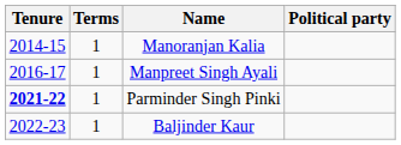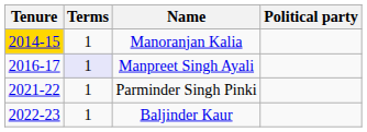 <table class="wikitable sortable">
 <tr>
 <th>Tenure</th>
 <th>Terms</th>
 <th>Name</th>
 <th colspan="2">Political party</th>
 </tr>
 <tr align="center">
-<td><a href='#'>2014-15</a></td>
+<td style="background: gold;"><a href='#'>2014-15</a></td>
 <td>1</td>
 <td><a href='#'>Manoranjan Kalia</a></td>
 <td></td>
 </tr>
 <tr align="center">
 <td><a href='#'>2016-17</a></td>
-<td>1</td>
+<td style="background: lavender;">1</td>
 <td><a href='#'>Manpreet Singh Ayali</a></td>
 <td></td>
 </tr>
 <tr align="center">
-<td><strong><a href='#'>2021-22</a></strong></td>
+<td><a href='#'>2021-22</a></td>
 <td>1</td>
 <td>Parminder Singh Pinki</td>
 <td></td>
 </tr>
 <tr align="center">
 <td><a href='#'>2022-23</a></td>
 <td>1</td>
 <td><a href='#'>Baljinder Kaur</a></td>
 <td></td>
 </tr>
 </table>
